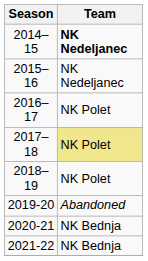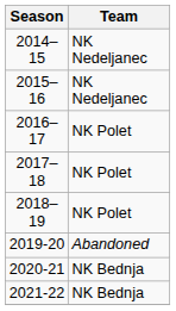 <table class="wikitable" style="text-align: center;">
 <tr>
 <th width=60>Season</th>
 <th width=100>Team</th>
 </tr>
 <tr>
 <td>2014–15</td>
-<td align="left"><strong>NK Nedeljanec</strong></td>
+<td align="left">NK Nedeljanec</td>
 </tr>
 <tr>
 <td>2015–16</td>
 <td align="left">NK Nedeljanec</td>
 </tr>
 <tr>
 <td>2016–17</td>
 <td align="left">NK Polet</td>
 </tr>
 <tr>
 <td>2017–18</td>
-<td align="left" style="background: khaki;">NK Polet</td>
+<td align="left">NK Polet</td>
 </tr>
 <tr>
 <td>2018–19</td>
 <td align="left">NK Polet</td>
 </tr>
 <tr>
 <td>2019-20</td>
 <td align="left"><em>Abandoned</em></td>
 </tr>
 <tr>
 <td>2020-21</td>
 <td align="left">NK Bednja</td>
 </tr>
 <tr>
 <td>2021-22</td>
 <td align="left">NK Bednja</td>
 </tr>
 <tr>
 </tr>
 </table>
